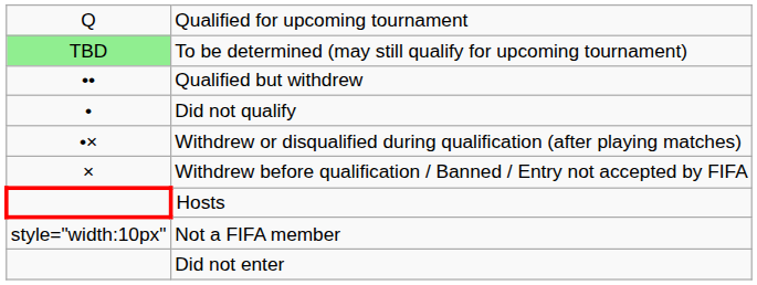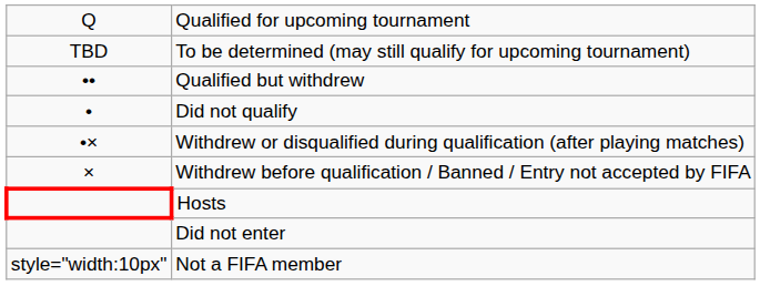 <table class="wikitable" style="font-size:90%">
 <tr>
 <td style="text-align:center;width:10px">Q</td>
 <td>Qualified for upcoming tournament</td>
 </tr>
 <tr>
-<td style="background: lightgreen; text-align:center;width:10px">TBD</td>
+<td style="text-align:center;width:10px">TBD</td>
 <td>To be determined (may still qualify for upcoming tournament)</td>
 </tr>
 <tr>
 <td style="text-align:center;width:10px">••</td>
 <td>Qualified but withdrew</td>
 </tr>
 <tr>
 <td style="text-align:center;width:10px">•</td>
 <td>Did not qualify</td>
 </tr>
 <tr>
 <td style="text-align:center;width:10px">•×</td>
 <td>Withdrew or disqualified during qualification (after playing matches)</td>
 </tr>
 <tr>
 <td style="text-align:center;width:10px">×</td>
 <td>Withdrew before qualification / Banned / Entry not accepted by FIFA</td>
 </tr>
 <tr>
 <td style="width:10px;border:3px solid red"></td>
 <td>Hosts</td>
 </tr>
 <tr>
+<td style="width:10px"></td>
+<td>Did not enter</td>
+</tr>
+<tr>
 <td>style="width:10px" </td>
 <td>Not a FIFA member</td>
 </tr>
-<tr>
-<td style="width:10px"></td>
-<td>Did not enter</td>
-</tr>
 </table>
